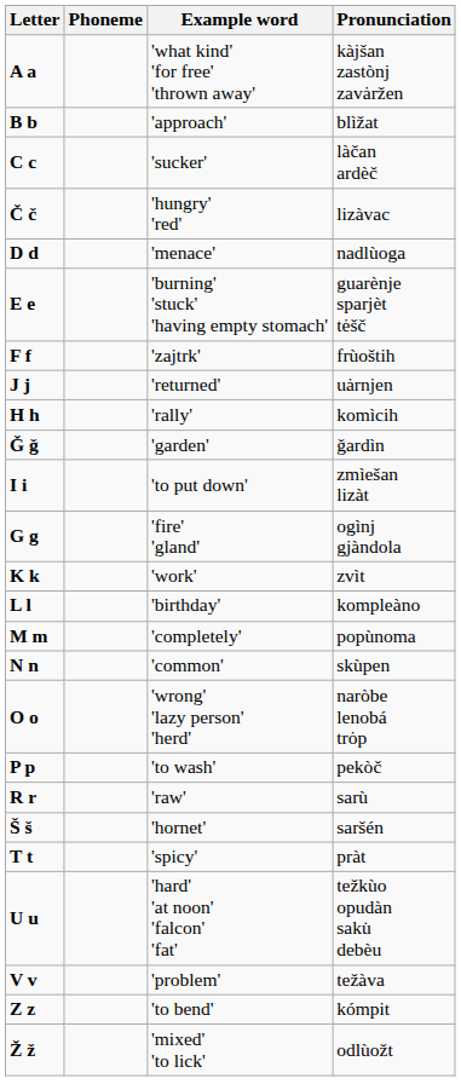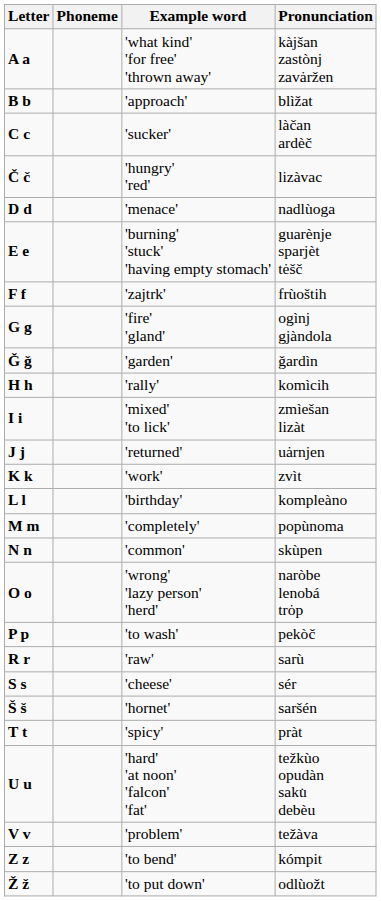 <table class="wikitable">
 <tr>
 <th>Letter</th>
 <th>Phoneme</th>
 <th>Example word</th>
 <th>Pronunciation</th>
 </tr>
 <tr>
 <td><strong>A a</strong></td>
 <td><br> </td>
 <td> 'what kind'<br> 'for free'<br> 'thrown away'</td>
 <td> kàjšan<br> zastònj<br> zavȧržen</td>
 </tr>
 <tr>
 <td><strong>B b</strong></td>
 <td></td>
 <td> 'approach'</td>
 <td> blìžat</td>
 </tr>
 <tr>
 <td><strong>C c</strong></td>
 <td></td>
 <td> 'sucker'</td>
 <td> làčan<br> ardèč</td>
 </tr>
 <tr>
 <td><strong>Č č</strong></td>
 <td><br></td>
 <td> 'hungry'<br> 'red'</td>
 <td> lizàvac</td>
 </tr>
 <tr>
 <td><strong>D d</strong></td>
 <td></td>
 <td> 'menace'</td>
 <td> nadlùoga</td>
 </tr>
 <tr>
 <td><strong>E e</strong></td>
 <td><br><br></td>
 <td> 'burning'<br> 'stuck'<br> 'having empty stomach'</td>
 <td> guarènje<br> sparjèt<br> tėšč</td>
 </tr>
 <tr>
 <td><strong>F f</strong></td>
 <td></td>
 <td> 'zajtrk'</td>
 <td> frùoštih</td>
 </tr>
 <tr>
-<td><strong>J j</strong></td>
+<td><strong>G g</strong></td>
+<td><br></td>
+<td> 'fire'<br> 'gland'</td>
+<td> ogìnj<br> gjàndola</td>
+</tr>
+<tr>
+<td><strong>Ǧ ǧ</strong></td>
 <td></td>
-<td> 'returned'</td>
-<td> uȧrnjen</td>
+<td> 'garden'</td>
+<td> ǧardìn</td>
 </tr>
 <tr>
 <td><strong>H h</strong></td>
 <td></td>
 <td> 'rally'</td>
 <td> komìcih</td>
 </tr>
 <tr>
-<td><strong>Ǧ ǧ</strong></td>
-<td></td>
-<td> 'garden'</td>
-<td> ǧardìn</td>
-</tr>
-<tr>
 <td><strong>I i</strong></td>
 <td><br></td>
-<td> 'to put down'</td>
+<td> 'mixed'<br> 'to lick'</td>
 <td> zmìešan<br> lizàt</td>
 </tr>
 <tr>
-<td><strong>G g</strong></td>
-<td><br></td>
-<td> 'fire'<br> 'gland'</td>
-<td> ogìnj<br> gjàndola</td>
+<td><strong>J j</strong></td>
+<td></td>
+<td> 'returned'</td>
+<td> uȧrnjen</td>
 </tr>
 <tr>
 <td><strong>K k</strong></td>
 <td></td>
 <td> 'work'</td>
 <td> zvìt</td>
 </tr>
 <tr>
 <td><strong>L l</strong></td>
 <td></td>
 <td> 'birthday'</td>
 <td> kompleàno</td>
 </tr>
 <tr>
 <td><strong>M m</strong></td>
 <td></td>
 <td> 'completely'</td>
 <td> popùnoma</td>
 </tr>
 <tr>
 <td><strong>N n</strong></td>
 <td></td>
 <td> 'common'</td>
 <td> skùpen</td>
 </tr>
 <tr>
 <td><strong>O o</strong></td>
 <td><br><br></td>
 <td> 'wrong'<br> 'lazy person'<br> 'herd'</td>
 <td> naròbe<br> lenobá<br> trȯp</td>
 </tr>
 <tr>
 <td><strong>P p</strong></td>
 <td></td>
 <td> 'to wash'</td>
 <td> pekòč</td>
 </tr>
 <tr>
 <td><strong>R r</strong></td>
 <td></td>
 <td> 'raw'</td>
 <td> sarù</td>
 </tr>
 <tr>
+<td><strong>S s</strong></td>
+<td></td>
+<td> 'cheese'</td>
+<td> sér</td>
+</tr>
+<tr>
 <td><strong>Š š</strong></td>
 <td></td>
 <td> 'hornet'</td>
 <td> saršén</td>
 </tr>
 <tr>
 <td><strong>T t</strong></td>
 <td></td>
 <td> 'spicy'</td>
 <td> pràt</td>
 </tr>
 <tr>
 <td><strong>U u</strong></td>
 <td><br><br><br></td>
 <td> 'hard'<br> 'at noon'<br> 'falcon'<br> 'fat'</td>
 <td> težkùo<br> opudàn<br> saku̇<br> debèu</td>
 </tr>
 <tr>
 <td><strong>V v</strong></td>
 <td></td>
 <td> 'problem'</td>
 <td> težàva</td>
 </tr>
 <tr>
 <td><strong>Z z</strong></td>
 <td></td>
 <td> 'to bend'</td>
 <td> kómpit</td>
 </tr>
 <tr>
 <td><strong>Ž ž</strong></td>
 <td></td>
-<td> 'mixed'<br> 'to lick'</td>
+<td> 'to put down'</td>
 <td> odlùožt</td>
 </tr>
 </table>
